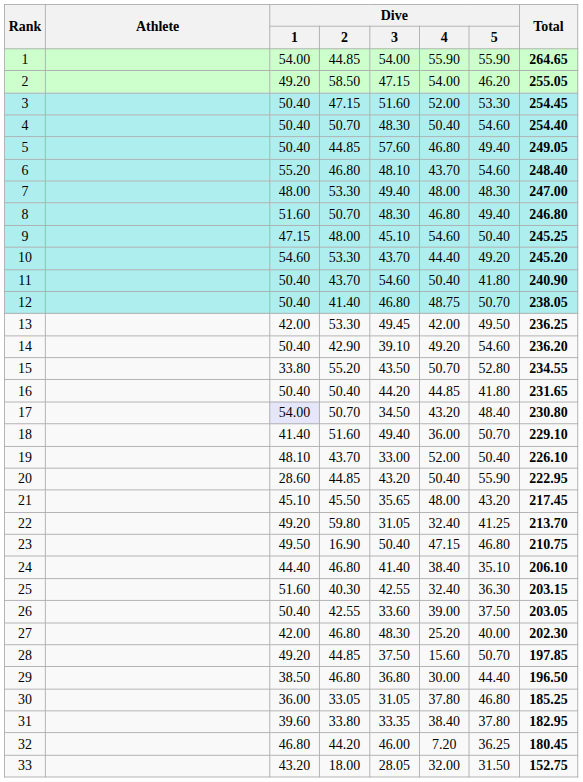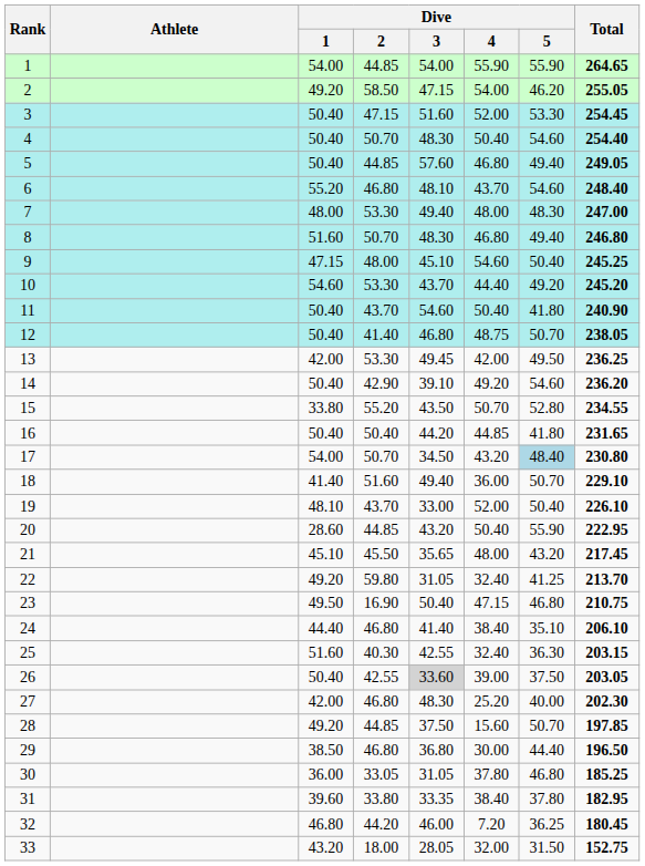 <table class="wikitable" style="text-align:center">
 <tr>
 <th rowspan="2" width="40">Rank</th>
 <th rowspan="2" width="250">Athlete</th>
 <th colspan="5">Dive</th>
 <th rowspan="2" width="60">Total</th>
 </tr>
 <tr>
 <th width="50">1</th>
 <th width="50">2</th>
 <th width="50">3</th>
 <th width="50">4</th>
 <th width="50">5</th>
 </tr>
 <tr bgcolor="ccffcc">
 <td>1</td>
 <td align="left"></td>
 <td>54.00</td>
 <td>44.85</td>
 <td>54.00</td>
 <td>55.90</td>
 <td>55.90</td>
 <td><strong>264.65</strong></td>
 </tr>
 <tr bgcolor="ccffcc">
 <td>2</td>
 <td align="left"></td>
 <td>49.20</td>
 <td>58.50</td>
 <td>47.15</td>
 <td>54.00</td>
 <td>46.20</td>
 <td><strong>255.05</strong></td>
 </tr>
 <tr bgcolor="#afeeee">
 <td>3</td>
 <td align="left"></td>
 <td>50.40</td>
 <td>47.15</td>
 <td>51.60</td>
 <td>52.00</td>
 <td>53.30</td>
 <td><strong>254.45</strong></td>
 </tr>
 <tr bgcolor="#afeeee">
 <td>4</td>
 <td align="left"></td>
 <td>50.40</td>
 <td>50.70</td>
 <td>48.30</td>
 <td>50.40</td>
 <td>54.60</td>
 <td><strong>254.40</strong></td>
 </tr>
 <tr bgcolor="#afeeee">
 <td>5</td>
 <td align="left"></td>
 <td>50.40</td>
 <td>44.85</td>
 <td>57.60</td>
 <td>46.80</td>
 <td>49.40</td>
 <td><strong>249.05</strong></td>
 </tr>
 <tr bgcolor="#afeeee">
 <td>6</td>
 <td align="left"></td>
 <td>55.20</td>
 <td>46.80</td>
 <td>48.10</td>
 <td>43.70</td>
 <td>54.60</td>
 <td><strong>248.40</strong></td>
 </tr>
 <tr bgcolor="#afeeee">
 <td>7</td>
 <td align="left"></td>
 <td>48.00</td>
 <td>53.30</td>
 <td>49.40</td>
 <td>48.00</td>
 <td>48.30</td>
 <td><strong>247.00</strong></td>
 </tr>
 <tr bgcolor="#afeeee">
 <td>8</td>
 <td align="left"></td>
 <td>51.60</td>
 <td>50.70</td>
 <td>48.30</td>
 <td>46.80</td>
 <td>49.40</td>
 <td><strong>246.80</strong></td>
 </tr>
 <tr bgcolor="#afeeee">
 <td>9</td>
 <td align="left"></td>
 <td>47.15</td>
 <td>48.00</td>
 <td>45.10</td>
 <td>54.60</td>
 <td>50.40</td>
 <td><strong>245.25</strong></td>
 </tr>
 <tr bgcolor="#afeeee">
 <td>10</td>
 <td align="left"></td>
 <td>54.60</td>
 <td>53.30</td>
 <td>43.70</td>
 <td>44.40</td>
 <td>49.20</td>
 <td><strong>245.20</strong></td>
 </tr>
 <tr bgcolor="#afeeee">
 <td>11</td>
 <td align="left"></td>
 <td>50.40</td>
 <td>43.70</td>
 <td>54.60</td>
 <td>50.40</td>
 <td>41.80</td>
 <td><strong>240.90</strong></td>
 </tr>
 <tr bgcolor="#afeeee">
 <td>12</td>
 <td align="left"></td>
 <td>50.40</td>
 <td>41.40</td>
 <td>46.80</td>
 <td>48.75</td>
 <td>50.70</td>
 <td><strong>238.05</strong></td>
 </tr>
 <tr>
 <td>13</td>
 <td align="left"></td>
 <td>42.00</td>
 <td>53.30</td>
 <td>49.45</td>
 <td>42.00</td>
 <td>49.50</td>
 <td><strong>236.25</strong></td>
 </tr>
 <tr>
 <td>14</td>
 <td align="left"></td>
 <td>50.40</td>
 <td>42.90</td>
 <td>39.10</td>
 <td>49.20</td>
 <td>54.60</td>
 <td><strong>236.20</strong></td>
 </tr>
 <tr>
 <td>15</td>
 <td align="left"></td>
 <td>33.80</td>
 <td>55.20</td>
 <td>43.50</td>
 <td>50.70</td>
 <td>52.80</td>
 <td><strong>234.55</strong></td>
 </tr>
 <tr>
 <td>16</td>
 <td align="left"></td>
 <td>50.40</td>
 <td>50.40</td>
 <td>44.20</td>
 <td>44.85</td>
 <td>41.80</td>
 <td><strong>231.65</strong></td>
 </tr>
 <tr>
 <td>17</td>
 <td align="left"></td>
-<td style="background: lavender;">54.00</td>
+<td>54.00</td>
 <td>50.70</td>
 <td>34.50</td>
 <td>43.20</td>
-<td>48.40</td>
+<td style="background: lightblue;">48.40</td>
 <td><strong>230.80</strong></td>
 </tr>
 <tr>
 <td>18</td>
 <td align="left"></td>
 <td>41.40</td>
 <td>51.60</td>
 <td>49.40</td>
 <td>36.00</td>
 <td>50.70</td>
 <td><strong>229.10</strong></td>
 </tr>
 <tr>
 <td>19</td>
 <td align="left"></td>
 <td>48.10</td>
 <td>43.70</td>
 <td>33.00</td>
 <td>52.00</td>
 <td>50.40</td>
 <td><strong>226.10</strong></td>
 </tr>
 <tr>
 <td>20</td>
 <td align="left"></td>
 <td>28.60</td>
 <td>44.85</td>
 <td>43.20</td>
 <td>50.40</td>
 <td>55.90</td>
 <td><strong>222.95</strong></td>
 </tr>
 <tr>
 <td>21</td>
 <td align="left"></td>
 <td>45.10</td>
 <td>45.50</td>
 <td>35.65</td>
 <td>48.00</td>
 <td>43.20</td>
 <td><strong>217.45</strong></td>
 </tr>
 <tr>
 <td>22</td>
 <td align="left"></td>
 <td>49.20</td>
 <td>59.80</td>
 <td>31.05</td>
 <td>32.40</td>
 <td>41.25</td>
 <td><strong>213.70</strong></td>
 </tr>
 <tr>
 <td>23</td>
 <td align="left"></td>
 <td>49.50</td>
 <td>16.90</td>
 <td>50.40</td>
 <td>47.15</td>
 <td>46.80</td>
 <td><strong>210.75</strong></td>
 </tr>
 <tr>
 <td>24</td>
 <td align="left"></td>
 <td>44.40</td>
 <td>46.80</td>
 <td>41.40</td>
 <td>38.40</td>
 <td>35.10</td>
 <td><strong>206.10</strong></td>
 </tr>
 <tr>
 <td>25</td>
 <td align="left"></td>
 <td>51.60</td>
 <td>40.30</td>
 <td>42.55</td>
 <td>32.40</td>
 <td>36.30</td>
 <td><strong>203.15</strong></td>
 </tr>
 <tr>
 <td>26</td>
 <td align="left"></td>
 <td>50.40</td>
 <td>42.55</td>
-<td>33.60</td>
+<td style="background: lightgrey;">33.60</td>
 <td>39.00</td>
 <td>37.50</td>
 <td><strong>203.05</strong></td>
 </tr>
 <tr>
 <td>27</td>
 <td align="left"></td>
 <td>42.00</td>
 <td>46.80</td>
 <td>48.30</td>
 <td>25.20</td>
 <td>40.00</td>
 <td><strong>202.30</strong></td>
 </tr>
 <tr>
 <td>28</td>
 <td align="left"></td>
 <td>49.20</td>
 <td>44.85</td>
 <td>37.50</td>
 <td>15.60</td>
 <td>50.70</td>
 <td><strong>197.85</strong></td>
 </tr>
 <tr>
 <td>29</td>
 <td align="left"></td>
 <td>38.50</td>
 <td>46.80</td>
 <td>36.80</td>
 <td>30.00</td>
 <td>44.40</td>
 <td><strong>196.50</strong></td>
 </tr>
 <tr>
 <td>30</td>
 <td align="left"></td>
 <td>36.00</td>
 <td>33.05</td>
 <td>31.05</td>
 <td>37.80</td>
 <td>46.80</td>
 <td><strong>185.25</strong></td>
 </tr>
 <tr>
 <td>31</td>
 <td align="left"></td>
 <td>39.60</td>
 <td>33.80</td>
 <td>33.35</td>
 <td>38.40</td>
 <td>37.80</td>
 <td><strong>182.95</strong></td>
 </tr>
 <tr>
 <td>32</td>
 <td align="left"></td>
 <td>46.80</td>
 <td>44.20</td>
 <td>46.00</td>
 <td>7.20</td>
 <td>36.25</td>
 <td><strong>180.45</strong></td>
 </tr>
 <tr>
 <td>33</td>
 <td align="left"></td>
 <td>43.20</td>
 <td>18.00</td>
 <td>28.05</td>
 <td>32.00</td>
 <td>31.50</td>
 <td><strong>152.75</strong></td>
 </tr>
 </table>
